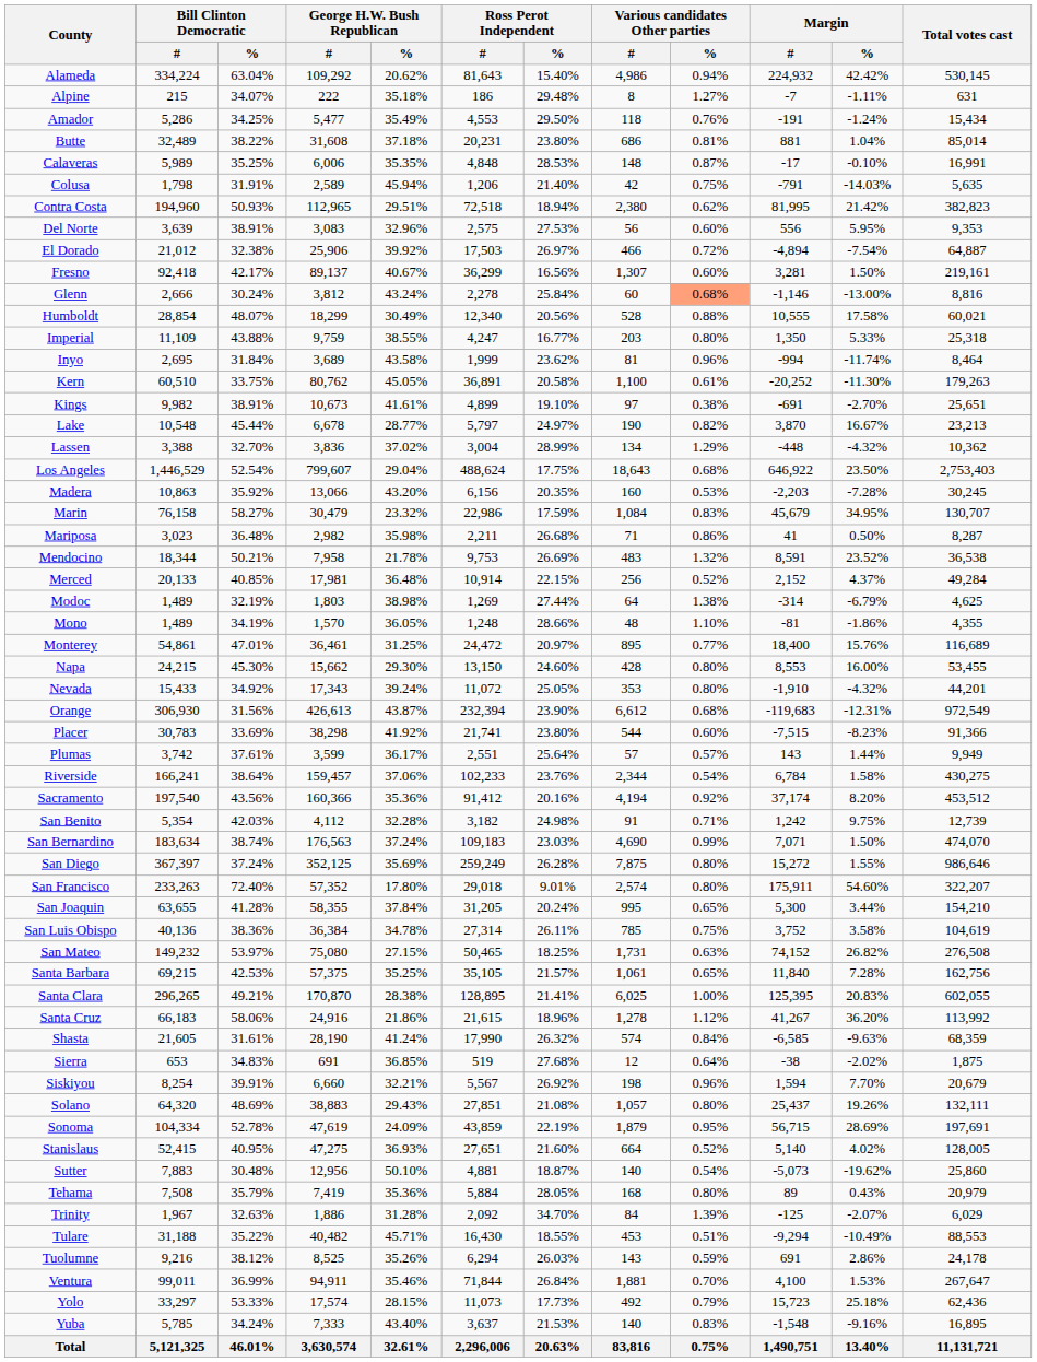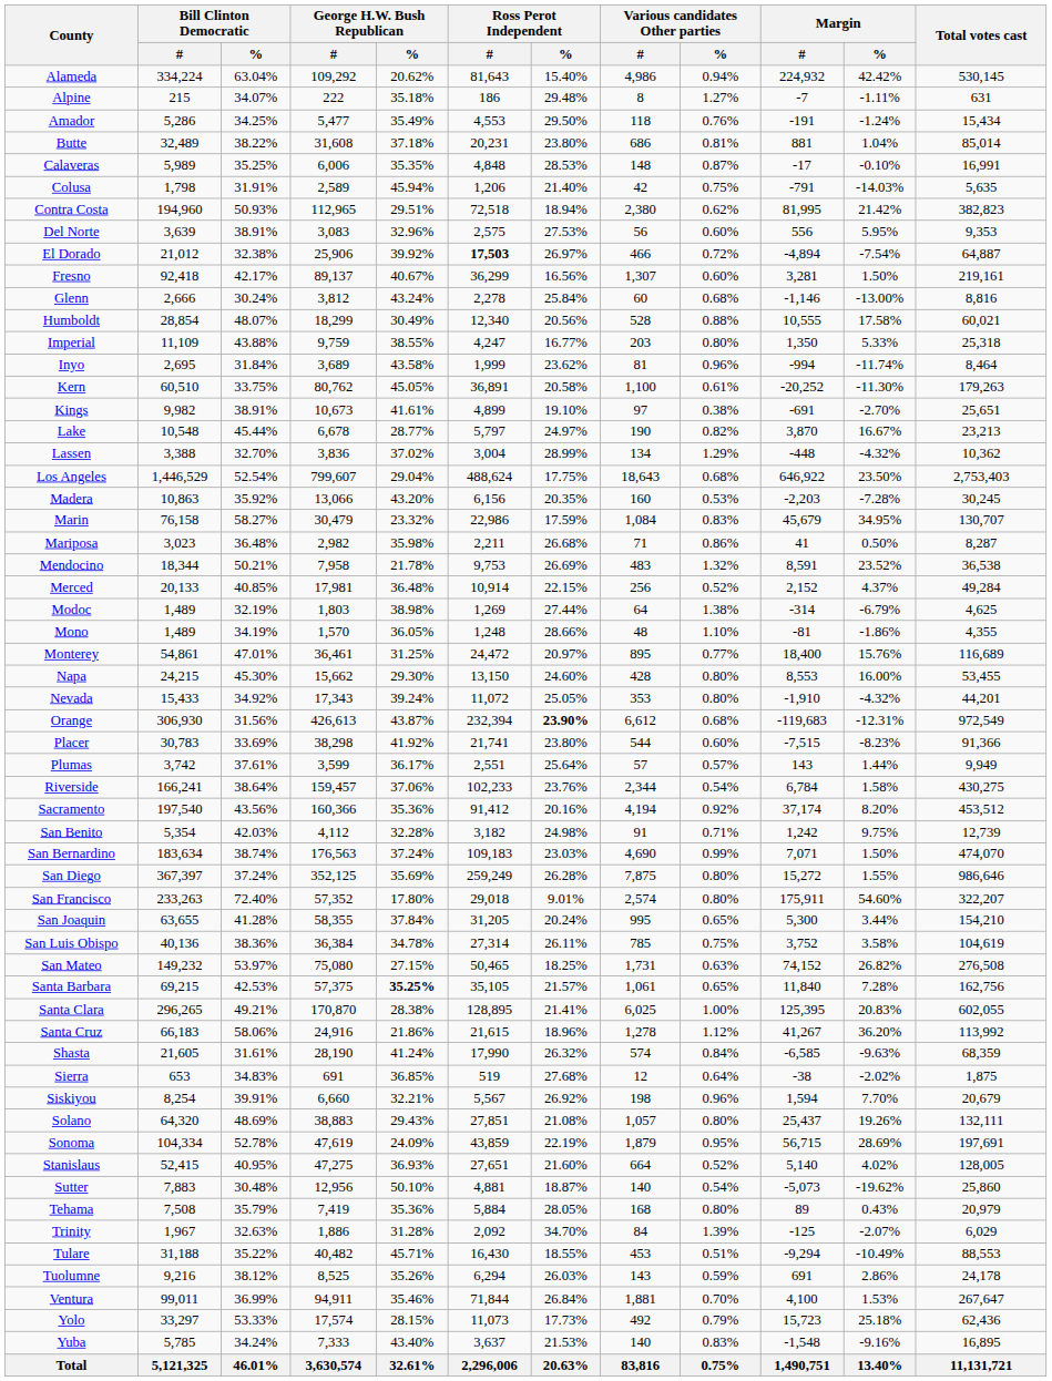 <table width="60%"  class="wikitable sortable" style="text-align:center">
 <tr>
 <th style="text-align:center;" rowspan="2">County</th>
 <th style="text-align:center;" colspan="2">Bill Clinton<br>Democratic</th>
 <th style="text-align:center;" colspan="2">George H.W. Bush<br>Republican</th>
 <th style="text-align:center;" colspan="2">Ross Perot<br>Independent</th>
 <th style="text-align:center;" colspan="2">Various candidates<br>Other parties</th>
 <th style="text-align:center;" colspan="2">Margin</th>
 <th style="text-align:center;" rowspan="2">Total votes cast</th>
 </tr>
 <tr>
 <th style="text-align:center;" data-sort-type="number">#</th>
 <th style="text-align:center;" data-sort-type="number">%</th>
 <th style="text-align:center;" data-sort-type="number">#</th>
 <th style="text-align:center;" data-sort-type="number">%</th>
 <th style="text-align:center;" data-sort-type="number">#</th>
 <th style="text-align:center;" data-sort-type="number">%</th>
 <th style="text-align:center;" data-sort-type="number">#</th>
 <th style="text-align:center;" data-sort-type="number">%</th>
 <th style="text-align:center;" data-sort-type="number">#</th>
 <th style="text-align:center;" data-sort-type="number">%</th>
 </tr>
 <tr style="text-align:center;">
 <td><a href='#'>Alameda</a></td>
 <td>334,224</td>
 <td>63.04%</td>
 <td>109,292</td>
 <td>20.62%</td>
 <td>81,643</td>
 <td>15.40%</td>
 <td>4,986</td>
 <td>0.94%</td>
 <td>224,932</td>
 <td>42.42%</td>
 <td>530,145</td>
 </tr>
 <tr style="text-align:center;">
 <td><a href='#'>Alpine</a></td>
 <td>215</td>
 <td>34.07%</td>
 <td>222</td>
 <td>35.18%</td>
 <td>186</td>
 <td>29.48%</td>
 <td>8</td>
 <td>1.27%</td>
 <td>-7</td>
 <td>-1.11%</td>
 <td>631</td>
 </tr>
 <tr style="text-align:center;">
 <td><a href='#'>Amador</a></td>
 <td>5,286</td>
 <td>34.25%</td>
 <td>5,477</td>
 <td>35.49%</td>
 <td>4,553</td>
 <td>29.50%</td>
 <td>118</td>
 <td>0.76%</td>
 <td>-191</td>
 <td>-1.24%</td>
 <td>15,434</td>
 </tr>
 <tr style="text-align:center;">
 <td><a href='#'>Butte</a></td>
 <td>32,489</td>
 <td>38.22%</td>
 <td>31,608</td>
 <td>37.18%</td>
 <td>20,231</td>
 <td>23.80%</td>
 <td>686</td>
 <td>0.81%</td>
 <td>881</td>
 <td>1.04%</td>
 <td>85,014</td>
 </tr>
 <tr style="text-align:center;">
 <td><a href='#'>Calaveras</a></td>
 <td>5,989</td>
 <td>35.25%</td>
 <td>6,006</td>
 <td>35.35%</td>
 <td>4,848</td>
 <td>28.53%</td>
 <td>148</td>
 <td>0.87%</td>
 <td>-17</td>
 <td>-0.10%</td>
 <td>16,991</td>
 </tr>
 <tr style="text-align:center;">
 <td><a href='#'>Colusa</a></td>
 <td>1,798</td>
 <td>31.91%</td>
 <td>2,589</td>
 <td>45.94%</td>
 <td>1,206</td>
 <td>21.40%</td>
 <td>42</td>
 <td>0.75%</td>
 <td>-791</td>
 <td>-14.03%</td>
 <td>5,635</td>
 </tr>
 <tr style="text-align:center;">
 <td><a href='#'>Contra Costa</a></td>
 <td>194,960</td>
 <td>50.93%</td>
 <td>112,965</td>
 <td>29.51%</td>
 <td>72,518</td>
 <td>18.94%</td>
 <td>2,380</td>
 <td>0.62%</td>
 <td>81,995</td>
 <td>21.42%</td>
 <td>382,823</td>
 </tr>
 <tr style="text-align:center;">
 <td><a href='#'>Del Norte</a></td>
 <td>3,639</td>
 <td>38.91%</td>
 <td>3,083</td>
 <td>32.96%</td>
 <td>2,575</td>
 <td>27.53%</td>
 <td>56</td>
 <td>0.60%</td>
 <td>556</td>
 <td>5.95%</td>
 <td>9,353</td>
 </tr>
 <tr style="text-align:center;">
 <td><a href='#'>El Dorado</a></td>
 <td>21,012</td>
 <td>32.38%</td>
 <td>25,906</td>
 <td>39.92%</td>
-<td>17,503</td>
+<td><strong>17,503</strong></td>
 <td>26.97%</td>
 <td>466</td>
 <td>0.72%</td>
 <td>-4,894</td>
 <td>-7.54%</td>
 <td>64,887</td>
 </tr>
 <tr style="text-align:center;">
 <td><a href='#'>Fresno</a></td>
 <td>92,418</td>
 <td>42.17%</td>
 <td>89,137</td>
 <td>40.67%</td>
 <td>36,299</td>
 <td>16.56%</td>
 <td>1,307</td>
 <td>0.60%</td>
 <td>3,281</td>
 <td>1.50%</td>
 <td>219,161</td>
 </tr>
 <tr style="text-align:center;">
 <td><a href='#'>Glenn</a></td>
 <td>2,666</td>
 <td>30.24%</td>
 <td>3,812</td>
 <td>43.24%</td>
 <td>2,278</td>
 <td>25.84%</td>
 <td>60</td>
-<td style="background: lightsalmon;">0.68%</td>
+<td>0.68%</td>
 <td>-1,146</td>
 <td>-13.00%</td>
 <td>8,816</td>
 </tr>
 <tr style="text-align:center;">
 <td><a href='#'>Humboldt</a></td>
 <td>28,854</td>
 <td>48.07%</td>
 <td>18,299</td>
 <td>30.49%</td>
 <td>12,340</td>
 <td>20.56%</td>
 <td>528</td>
 <td>0.88%</td>
 <td>10,555</td>
 <td>17.58%</td>
 <td>60,021</td>
 </tr>
 <tr style="text-align:center;">
 <td><a href='#'>Imperial</a></td>
 <td>11,109</td>
 <td>43.88%</td>
 <td>9,759</td>
 <td>38.55%</td>
 <td>4,247</td>
 <td>16.77%</td>
 <td>203</td>
 <td>0.80%</td>
 <td>1,350</td>
 <td>5.33%</td>
 <td>25,318</td>
 </tr>
 <tr style="text-align:center;">
 <td><a href='#'>Inyo</a></td>
 <td>2,695</td>
 <td>31.84%</td>
 <td>3,689</td>
 <td>43.58%</td>
 <td>1,999</td>
 <td>23.62%</td>
 <td>81</td>
 <td>0.96%</td>
 <td>-994</td>
 <td>-11.74%</td>
 <td>8,464</td>
 </tr>
 <tr style="text-align:center;">
 <td><a href='#'>Kern</a></td>
 <td>60,510</td>
 <td>33.75%</td>
 <td>80,762</td>
 <td>45.05%</td>
 <td>36,891</td>
 <td>20.58%</td>
 <td>1,100</td>
 <td>0.61%</td>
 <td>-20,252</td>
 <td>-11.30%</td>
 <td>179,263</td>
 </tr>
 <tr style="text-align:center;">
 <td><a href='#'>Kings</a></td>
 <td>9,982</td>
 <td>38.91%</td>
 <td>10,673</td>
 <td>41.61%</td>
 <td>4,899</td>
 <td>19.10%</td>
 <td>97</td>
 <td>0.38%</td>
 <td>-691</td>
 <td>-2.70%</td>
 <td>25,651</td>
 </tr>
 <tr style="text-align:center;">
 <td><a href='#'>Lake</a></td>
 <td>10,548</td>
 <td>45.44%</td>
 <td>6,678</td>
 <td>28.77%</td>
 <td>5,797</td>
 <td>24.97%</td>
 <td>190</td>
 <td>0.82%</td>
 <td>3,870</td>
 <td>16.67%</td>
 <td>23,213</td>
 </tr>
 <tr style="text-align:center;">
 <td><a href='#'>Lassen</a></td>
 <td>3,388</td>
 <td>32.70%</td>
 <td>3,836</td>
 <td>37.02%</td>
 <td>3,004</td>
 <td>28.99%</td>
 <td>134</td>
 <td>1.29%</td>
 <td>-448</td>
 <td>-4.32%</td>
 <td>10,362</td>
 </tr>
 <tr style="text-align:center;">
 <td><a href='#'>Los Angeles</a></td>
 <td>1,446,529</td>
 <td>52.54%</td>
 <td>799,607</td>
 <td>29.04%</td>
 <td>488,624</td>
 <td>17.75%</td>
 <td>18,643</td>
 <td>0.68%</td>
 <td>646,922</td>
 <td>23.50%</td>
 <td>2,753,403</td>
 </tr>
 <tr style="text-align:center;">
 <td><a href='#'>Madera</a></td>
 <td>10,863</td>
 <td>35.92%</td>
 <td>13,066</td>
 <td>43.20%</td>
 <td>6,156</td>
 <td>20.35%</td>
 <td>160</td>
 <td>0.53%</td>
 <td>-2,203</td>
 <td>-7.28%</td>
 <td>30,245</td>
 </tr>
 <tr style="text-align:center;">
 <td><a href='#'>Marin</a></td>
 <td>76,158</td>
 <td>58.27%</td>
 <td>30,479</td>
 <td>23.32%</td>
 <td>22,986</td>
 <td>17.59%</td>
 <td>1,084</td>
 <td>0.83%</td>
 <td>45,679</td>
 <td>34.95%</td>
 <td>130,707</td>
 </tr>
 <tr style="text-align:center;">
 <td><a href='#'>Mariposa</a></td>
 <td>3,023</td>
 <td>36.48%</td>
 <td>2,982</td>
 <td>35.98%</td>
 <td>2,211</td>
 <td>26.68%</td>
 <td>71</td>
 <td>0.86%</td>
 <td>41</td>
 <td>0.50%</td>
 <td>8,287</td>
 </tr>
 <tr style="text-align:center;">
 <td><a href='#'>Mendocino</a></td>
 <td>18,344</td>
 <td>50.21%</td>
 <td>7,958</td>
 <td>21.78%</td>
 <td>9,753</td>
 <td>26.69%</td>
 <td>483</td>
 <td>1.32%</td>
 <td>8,591</td>
 <td>23.52%</td>
 <td>36,538</td>
 </tr>
 <tr style="text-align:center;">
 <td><a href='#'>Merced</a></td>
 <td>20,133</td>
 <td>40.85%</td>
 <td>17,981</td>
 <td>36.48%</td>
 <td>10,914</td>
 <td>22.15%</td>
 <td>256</td>
 <td>0.52%</td>
 <td>2,152</td>
 <td>4.37%</td>
 <td>49,284</td>
 </tr>
 <tr style="text-align:center;">
 <td><a href='#'>Modoc</a></td>
 <td>1,489</td>
 <td>32.19%</td>
 <td>1,803</td>
 <td>38.98%</td>
 <td>1,269</td>
 <td>27.44%</td>
 <td>64</td>
 <td>1.38%</td>
 <td>-314</td>
 <td>-6.79%</td>
 <td>4,625</td>
 </tr>
 <tr style="text-align:center;">
 <td><a href='#'>Mono</a></td>
 <td>1,489</td>
 <td>34.19%</td>
 <td>1,570</td>
 <td>36.05%</td>
 <td>1,248</td>
 <td>28.66%</td>
 <td>48</td>
 <td>1.10%</td>
 <td>-81</td>
 <td>-1.86%</td>
 <td>4,355</td>
 </tr>
 <tr style="text-align:center;">
 <td><a href='#'>Monterey</a></td>
 <td>54,861</td>
 <td>47.01%</td>
 <td>36,461</td>
 <td>31.25%</td>
 <td>24,472</td>
 <td>20.97%</td>
 <td>895</td>
 <td>0.77%</td>
 <td>18,400</td>
 <td>15.76%</td>
 <td>116,689</td>
 </tr>
 <tr style="text-align:center;">
 <td><a href='#'>Napa</a></td>
 <td>24,215</td>
 <td>45.30%</td>
 <td>15,662</td>
 <td>29.30%</td>
 <td>13,150</td>
 <td>24.60%</td>
 <td>428</td>
 <td>0.80%</td>
 <td>8,553</td>
 <td>16.00%</td>
 <td>53,455</td>
 </tr>
 <tr style="text-align:center;">
 <td><a href='#'>Nevada</a></td>
 <td>15,433</td>
 <td>34.92%</td>
 <td>17,343</td>
 <td>39.24%</td>
 <td>11,072</td>
 <td>25.05%</td>
 <td>353</td>
 <td>0.80%</td>
 <td>-1,910</td>
 <td>-4.32%</td>
 <td>44,201</td>
 </tr>
 <tr style="text-align:center;">
 <td><a href='#'>Orange</a></td>
 <td>306,930</td>
 <td>31.56%</td>
 <td>426,613</td>
 <td>43.87%</td>
 <td>232,394</td>
-<td>23.90%</td>
+<td><strong>23.90%</strong></td>
 <td>6,612</td>
 <td>0.68%</td>
 <td>-119,683</td>
 <td>-12.31%</td>
 <td>972,549</td>
 </tr>
 <tr style="text-align:center;">
 <td><a href='#'>Placer</a></td>
 <td>30,783</td>
 <td>33.69%</td>
 <td>38,298</td>
 <td>41.92%</td>
 <td>21,741</td>
 <td>23.80%</td>
 <td>544</td>
 <td>0.60%</td>
 <td>-7,515</td>
 <td>-8.23%</td>
 <td>91,366</td>
 </tr>
 <tr style="text-align:center;">
 <td><a href='#'>Plumas</a></td>
 <td>3,742</td>
 <td>37.61%</td>
 <td>3,599</td>
 <td>36.17%</td>
 <td>2,551</td>
 <td>25.64%</td>
 <td>57</td>
 <td>0.57%</td>
 <td>143</td>
 <td>1.44%</td>
 <td>9,949</td>
 </tr>
 <tr style="text-align:center;">
 <td><a href='#'>Riverside</a></td>
 <td>166,241</td>
 <td>38.64%</td>
 <td>159,457</td>
 <td>37.06%</td>
 <td>102,233</td>
 <td>23.76%</td>
 <td>2,344</td>
 <td>0.54%</td>
 <td>6,784</td>
 <td>1.58%</td>
 <td>430,275</td>
 </tr>
 <tr style="text-align:center;">
 <td><a href='#'>Sacramento</a></td>
 <td>197,540</td>
 <td>43.56%</td>
 <td>160,366</td>
 <td>35.36%</td>
 <td>91,412</td>
 <td>20.16%</td>
 <td>4,194</td>
 <td>0.92%</td>
 <td>37,174</td>
 <td>8.20%</td>
 <td>453,512</td>
 </tr>
 <tr style="text-align:center;">
 <td><a href='#'>San Benito</a></td>
 <td>5,354</td>
 <td>42.03%</td>
 <td>4,112</td>
 <td>32.28%</td>
 <td>3,182</td>
 <td>24.98%</td>
 <td>91</td>
 <td>0.71%</td>
 <td>1,242</td>
 <td>9.75%</td>
 <td>12,739</td>
 </tr>
 <tr style="text-align:center;">
 <td><a href='#'>San Bernardino</a></td>
 <td>183,634</td>
 <td>38.74%</td>
 <td>176,563</td>
 <td>37.24%</td>
 <td>109,183</td>
 <td>23.03%</td>
 <td>4,690</td>
 <td>0.99%</td>
 <td>7,071</td>
 <td>1.50%</td>
 <td>474,070</td>
 </tr>
 <tr style="text-align:center;">
 <td><a href='#'>San Diego</a></td>
 <td>367,397</td>
 <td>37.24%</td>
 <td>352,125</td>
 <td>35.69%</td>
 <td>259,249</td>
 <td>26.28%</td>
 <td>7,875</td>
 <td>0.80%</td>
 <td>15,272</td>
 <td>1.55%</td>
 <td>986,646</td>
 </tr>
 <tr style="text-align:center;">
 <td><a href='#'>San Francisco</a></td>
 <td>233,263</td>
 <td>72.40%</td>
 <td>57,352</td>
 <td>17.80%</td>
 <td>29,018</td>
 <td>9.01%</td>
 <td>2,574</td>
 <td>0.80%</td>
 <td>175,911</td>
 <td>54.60%</td>
 <td>322,207</td>
 </tr>
 <tr style="text-align:center;">
 <td><a href='#'>San Joaquin</a></td>
 <td>63,655</td>
 <td>41.28%</td>
 <td>58,355</td>
 <td>37.84%</td>
 <td>31,205</td>
 <td>20.24%</td>
 <td>995</td>
 <td>0.65%</td>
 <td>5,300</td>
 <td>3.44%</td>
 <td>154,210</td>
 </tr>
 <tr style="text-align:center;">
 <td><a href='#'>San Luis Obispo</a></td>
 <td>40,136</td>
 <td>38.36%</td>
 <td>36,384</td>
 <td>34.78%</td>
 <td>27,314</td>
 <td>26.11%</td>
 <td>785</td>
 <td>0.75%</td>
 <td>3,752</td>
 <td>3.58%</td>
 <td>104,619</td>
 </tr>
 <tr style="text-align:center;">
 <td><a href='#'>San Mateo</a></td>
 <td>149,232</td>
 <td>53.97%</td>
 <td>75,080</td>
 <td>27.15%</td>
 <td>50,465</td>
 <td>18.25%</td>
 <td>1,731</td>
 <td>0.63%</td>
 <td>74,152</td>
 <td>26.82%</td>
 <td>276,508</td>
 </tr>
 <tr style="text-align:center;">
 <td><a href='#'>Santa Barbara</a></td>
 <td>69,215</td>
 <td>42.53%</td>
 <td>57,375</td>
-<td>35.25%</td>
+<td><strong>35.25%</strong></td>
 <td>35,105</td>
 <td>21.57%</td>
 <td>1,061</td>
 <td>0.65%</td>
 <td>11,840</td>
 <td>7.28%</td>
 <td>162,756</td>
 </tr>
 <tr style="text-align:center;">
 <td><a href='#'>Santa Clara</a></td>
 <td>296,265</td>
 <td>49.21%</td>
 <td>170,870</td>
 <td>28.38%</td>
 <td>128,895</td>
 <td>21.41%</td>
 <td>6,025</td>
 <td>1.00%</td>
 <td>125,395</td>
 <td>20.83%</td>
 <td>602,055</td>
 </tr>
 <tr style="text-align:center;">
 <td><a href='#'>Santa Cruz</a></td>
 <td>66,183</td>
 <td>58.06%</td>
 <td>24,916</td>
 <td>21.86%</td>
 <td>21,615</td>
 <td>18.96%</td>
 <td>1,278</td>
 <td>1.12%</td>
 <td>41,267</td>
 <td>36.20%</td>
 <td>113,992</td>
 </tr>
 <tr style="text-align:center;">
 <td><a href='#'>Shasta</a></td>
 <td>21,605</td>
 <td>31.61%</td>
 <td>28,190</td>
 <td>41.24%</td>
 <td>17,990</td>
 <td>26.32%</td>
 <td>574</td>
 <td>0.84%</td>
 <td>-6,585</td>
 <td>-9.63%</td>
 <td>68,359</td>
 </tr>
 <tr style="text-align:center;">
 <td><a href='#'>Sierra</a></td>
 <td>653</td>
 <td>34.83%</td>
 <td>691</td>
 <td>36.85%</td>
 <td>519</td>
 <td>27.68%</td>
 <td>12</td>
 <td>0.64%</td>
 <td>-38</td>
 <td>-2.02%</td>
 <td>1,875</td>
 </tr>
 <tr style="text-align:center;">
 <td><a href='#'>Siskiyou</a></td>
 <td>8,254</td>
 <td>39.91%</td>
 <td>6,660</td>
 <td>32.21%</td>
 <td>5,567</td>
 <td>26.92%</td>
 <td>198</td>
 <td>0.96%</td>
 <td>1,594</td>
 <td>7.70%</td>
 <td>20,679</td>
 </tr>
 <tr style="text-align:center;">
 <td><a href='#'>Solano</a></td>
 <td>64,320</td>
 <td>48.69%</td>
 <td>38,883</td>
 <td>29.43%</td>
 <td>27,851</td>
 <td>21.08%</td>
 <td>1,057</td>
 <td>0.80%</td>
 <td>25,437</td>
 <td>19.26%</td>
 <td>132,111</td>
 </tr>
 <tr style="text-align:center;">
 <td><a href='#'>Sonoma</a></td>
 <td>104,334</td>
 <td>52.78%</td>
 <td>47,619</td>
 <td>24.09%</td>
 <td>43,859</td>
 <td>22.19%</td>
 <td>1,879</td>
 <td>0.95%</td>
 <td>56,715</td>
 <td>28.69%</td>
 <td>197,691</td>
 </tr>
 <tr style="text-align:center;">
 <td><a href='#'>Stanislaus</a></td>
 <td>52,415</td>
 <td>40.95%</td>
 <td>47,275</td>
 <td>36.93%</td>
 <td>27,651</td>
 <td>21.60%</td>
 <td>664</td>
 <td>0.52%</td>
 <td>5,140</td>
 <td>4.02%</td>
 <td>128,005</td>
 </tr>
 <tr style="text-align:center;">
 <td><a href='#'>Sutter</a></td>
 <td>7,883</td>
 <td>30.48%</td>
 <td>12,956</td>
 <td>50.10%</td>
 <td>4,881</td>
 <td>18.87%</td>
 <td>140</td>
 <td>0.54%</td>
 <td>-5,073</td>
 <td>-19.62%</td>
 <td>25,860</td>
 </tr>
 <tr style="text-align:center;">
 <td><a href='#'>Tehama</a></td>
 <td>7,508</td>
 <td>35.79%</td>
 <td>7,419</td>
 <td>35.36%</td>
 <td>5,884</td>
 <td>28.05%</td>
 <td>168</td>
 <td>0.80%</td>
 <td>89</td>
 <td>0.43%</td>
 <td>20,979</td>
 </tr>
 <tr style="text-align:center;">
 <td><a href='#'>Trinity</a></td>
 <td>1,967</td>
 <td>32.63%</td>
 <td>1,886</td>
 <td>31.28%</td>
 <td>2,092</td>
 <td>34.70%</td>
 <td>84</td>
 <td>1.39%</td>
 <td>-125</td>
 <td>-2.07%</td>
 <td>6,029</td>
 </tr>
 <tr style="text-align:center;">
 <td><a href='#'>Tulare</a></td>
 <td>31,188</td>
 <td>35.22%</td>
 <td>40,482</td>
 <td>45.71%</td>
 <td>16,430</td>
 <td>18.55%</td>
 <td>453</td>
 <td>0.51%</td>
 <td>-9,294</td>
 <td>-10.49%</td>
 <td>88,553</td>
 </tr>
 <tr style="text-align:center;">
 <td><a href='#'>Tuolumne</a></td>
 <td>9,216</td>
 <td>38.12%</td>
 <td>8,525</td>
 <td>35.26%</td>
 <td>6,294</td>
 <td>26.03%</td>
 <td>143</td>
 <td>0.59%</td>
 <td>691</td>
 <td>2.86%</td>
 <td>24,178</td>
 </tr>
 <tr style="text-align:center;">
 <td><a href='#'>Ventura</a></td>
 <td>99,011</td>
 <td>36.99%</td>
 <td>94,911</td>
 <td>35.46%</td>
 <td>71,844</td>
 <td>26.84%</td>
 <td>1,881</td>
 <td>0.70%</td>
 <td>4,100</td>
 <td>1.53%</td>
 <td>267,647</td>
 </tr>
 <tr style="text-align:center;">
 <td><a href='#'>Yolo</a></td>
 <td>33,297</td>
 <td>53.33%</td>
 <td>17,574</td>
 <td>28.15%</td>
 <td>11,073</td>
 <td>17.73%</td>
 <td>492</td>
 <td>0.79%</td>
 <td>15,723</td>
 <td>25.18%</td>
 <td>62,436</td>
 </tr>
 <tr style="text-align:center;">
 <td><a href='#'>Yuba</a></td>
 <td>5,785</td>
 <td>34.24%</td>
 <td>7,333</td>
 <td>43.40%</td>
 <td>3,637</td>
 <td>21.53%</td>
 <td>140</td>
 <td>0.83%</td>
 <td>-1,548</td>
 <td>-9.16%</td>
 <td>16,895</td>
 </tr>
 <tr>
 <th>Total</th>
 <th>5,121,325</th>
 <th>46.01%</th>
 <th>3,630,574</th>
 <th>32.61%</th>
 <th>2,296,006</th>
 <th>20.63%</th>
 <th>83,816</th>
 <th>0.75%</th>
 <th>1,490,751</th>
 <th>13.40%</th>
 <th>11,131,721</th>
 </tr>
 </table>
